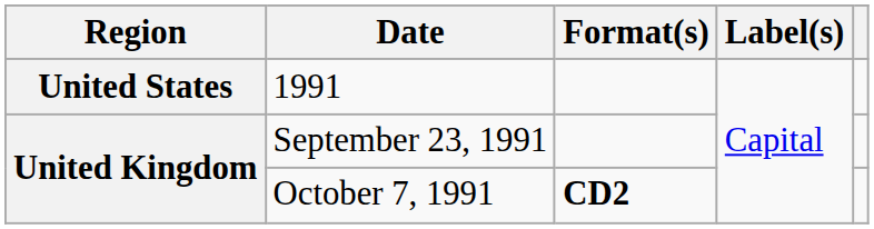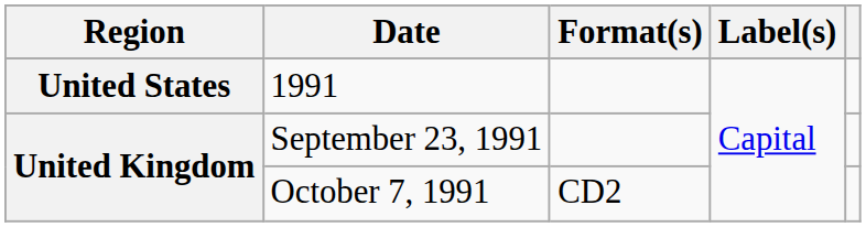 <table class="wikitable plainrowheaders">
 <tr>
 <th scope="col">Region</th>
 <th scope="col">Date</th>
 <th scope="col">Format(s)</th>
 <th scope="col">Label(s)</th>
 <th scope="col"></th>
 </tr>
 <tr>
 <th scope="row">United States</th>
 <td>1991</td>
 <td></td>
 <td rowspan="3"><a href='#'>Capital</a></td>
 <td></td>
 </tr>
 <tr>
 <th scope="row" rowspan="2">United Kingdom</th>
 <td>September 23, 1991</td>
 <td></td>
 <td></td>
 </tr>
 <tr>
 <td>October 7, 1991</td>
-<td><strong>CD2</strong></td>
+<td>CD2</td>
 <td></td>
 </tr>
 </table>
